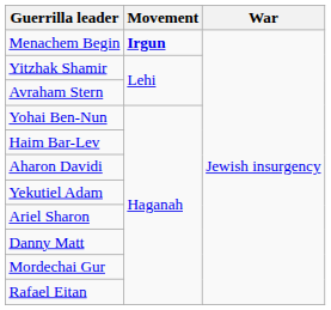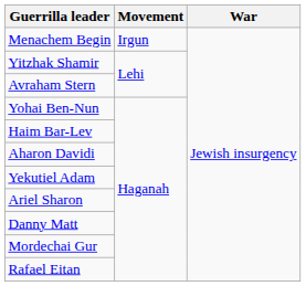 <table class="wikitable">
 <tr>
 <th>Guerrilla leader</th>
 <th>Movement</th>
 <th>War</th>
 </tr>
 <tr>
 <td><a href='#'>Menachem Begin</a></td>
-<td><strong><a href='#'>Irgun</a></strong></td>
+<td><a href='#'>Irgun</a></td>
 <td rowspan="11"><a href='#'>Jewish insurgency</a></td>
 </tr>
 <tr>
 <td><a href='#'>Yitzhak Shamir</a></td>
 <td rowspan="2"><a href='#'>Lehi</a></td>
 </tr>
 <tr>
 <td><a href='#'>Avraham Stern</a></td>
 </tr>
 <tr>
 <td><a href='#'>Yohai Ben-Nun</a></td>
 <td rowspan="8"><a href='#'>Haganah</a></td>
 </tr>
 <tr>
 <td><a href='#'>Haim Bar-Lev</a></td>
 </tr>
 <tr>
 <td><a href='#'>Aharon Davidi</a></td>
 </tr>
 <tr>
 <td><a href='#'>Yekutiel Adam</a></td>
 </tr>
 <tr>
 <td><a href='#'>Ariel Sharon</a></td>
 </tr>
 <tr>
 <td><a href='#'>Danny Matt</a></td>
 </tr>
 <tr>
 <td><a href='#'>Mordechai Gur</a></td>
 </tr>
 <tr>
 <td><a href='#'>Rafael Eitan</a></td>
 </tr>
 </table>
